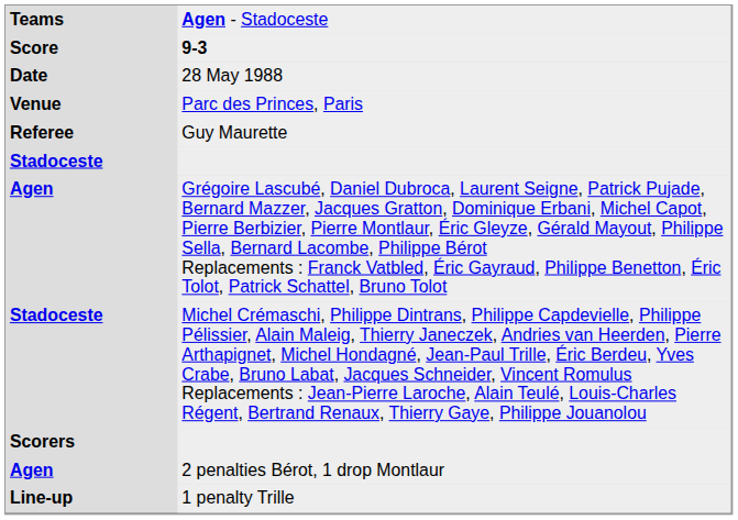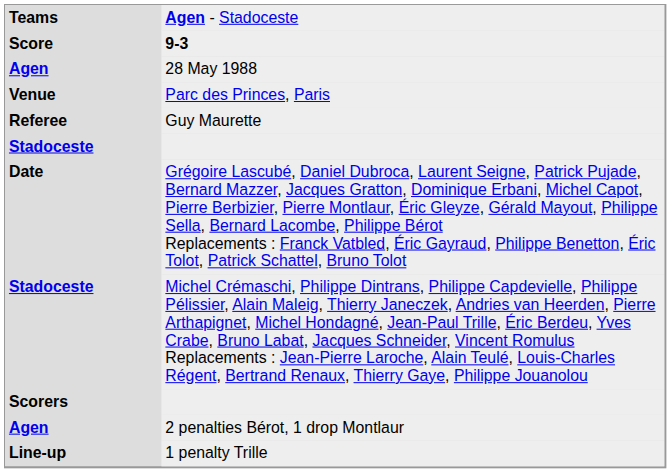 <table align="left" cellpadding="4" cellspacing="0"  style="margin: 0 0 0 0; border: 1px solid #999; border-right-width: 2px; border-bottom-width: 2px; background-color: #DDDDDD">
 <tr>
 <td width="150" valign="top"><strong>Teams</strong></td>
 <td width="500" bgcolor=#EEEEEE><strong><a href='#'>Agen</a> </strong> - <a href='#'>Stadoceste</a></td>
 </tr>
 <tr>
 <td valign="top"><strong>Score</strong></td>
 <td bgcolor=#EEEEEE><strong>9-3</strong></td>
 </tr>
 <tr>
-<td valign="top"><strong>Date</strong></td>
+<td valign="top"><strong><a href='#'>Agen</a> </strong></td>
 <td bgcolor=#EEEEEE>28 May 1988</td>
 </tr>
 <tr>
 <td valign="top"><strong>Venue</strong></td>
 <td bgcolor=#EEEEEE><a href='#'>Parc des Princes</a>, <a href='#'>Paris</a></td>
 </tr>
 <tr>
 <td valign="top"><strong>Referee</strong></td>
 <td bgcolor=#EEEEEE>Guy Maurette</td>
 </tr>
 <tr>
 <td valign="top"><strong><a href='#'>Stadoceste</a></strong></td>
 <td bgcolor=#EEEEEE></td>
 </tr>
 <tr>
-<td valign="top"><strong><a href='#'>Agen</a> </strong></td>
+<td valign="top"><strong>Date</strong></td>
 <td bgcolor=#EEEEEE><a href='#'>Grégoire Lascubé</a>, <a href='#'>Daniel Dubroca</a>, <a href='#'>Laurent Seigne</a>, <a href='#'>Patrick Pujade</a>, <a href='#'>Bernard Mazzer</a>, <a href='#'>Jacques Gratton</a>, <a href='#'>Dominique Erbani</a>, <a href='#'>Michel Capot</a>, <a href='#'>Pierre Berbizier</a>, <a href='#'>Pierre Montlaur</a>, <a href='#'>Éric Gleyze</a>, <a href='#'>Gérald Mayout</a>, <a href='#'>Philippe Sella</a>, <a href='#'>Bernard Lacombe</a>, <a href='#'>Philippe Bérot</a><br>Replacements : <a href='#'>Franck Vatbled</a>, <a href='#'>Éric Gayraud</a>, <a href='#'>Philippe Benetton</a>, <a href='#'>Éric Tolot</a>, <a href='#'>Patrick Schattel</a>, <a href='#'>Bruno Tolot</a></td>
 </tr>
 <tr>
 <td valign="top"><strong><a href='#'>Stadoceste</a></strong></td>
 <td bgcolor=#EEEEEE><a href='#'>Michel Crémaschi</a>, <a href='#'>Philippe Dintrans</a>, <a href='#'>Philippe Capdevielle</a>, <a href='#'>Philippe Pélissier</a>, <a href='#'>Alain Maleig</a>, <a href='#'>Thierry Janeczek</a>, <a href='#'>Andries van Heerden</a>, <a href='#'>Pierre Arthapignet</a>, <a href='#'>Michel Hondagné</a>, <a href='#'>Jean-Paul Trille</a>, <a href='#'>Éric Berdeu</a>, <a href='#'>Yves Crabe</a>, <a href='#'>Bruno Labat</a>, <a href='#'>Jacques Schneider</a>, <a href='#'>Vincent Romulus</a> <br>Replacements : <a href='#'>Jean-Pierre Laroche</a>, <a href='#'>Alain Teulé</a>, <a href='#'>Louis-Charles Régent</a>, <a href='#'>Bertrand Renaux</a>, <a href='#'>Thierry Gaye</a>, <a href='#'>Philippe Jouanolou</a></td>
 </tr>
 <tr>
 <td valign="top"><strong>Scorers</strong></td>
 <td bgcolor=#EEEEEE></td>
 </tr>
 <tr>
 <td valign="top"><strong><a href='#'>Agen</a></strong></td>
 <td bgcolor=#EEEEEE>2 penalties  Bérot, 1 drop Montlaur</td>
 </tr>
 <tr>
 <td valign="top"><strong>Line-up</strong></td>
 <td bgcolor=#EEEEEE>1 penalty Trille</td>
 </tr>
 </table>
